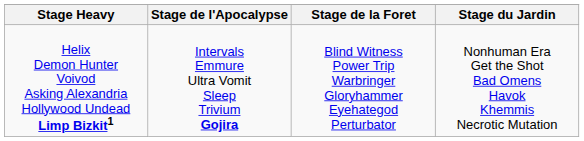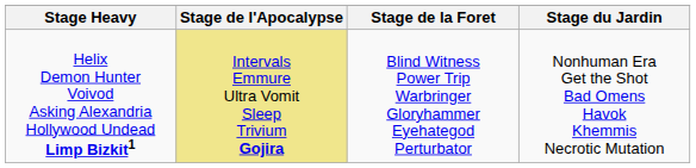 <table class="wikitable" style="text-align:center; vertical-align:top; width:710px">
 <tr>
 </tr>
 <tr>
 <th>Stage Heavy</th>
 <th>Stage de l'Apocalypse</th>
 <th>Stage de la Foret</th>
 <th>Stage du Jardin</th>
 </tr>
 <tr>
 <td style="width:175px;"><br><a href='#'>Helix</a><br> <a href='#'>Demon Hunter</a><br> <a href='#'>Voivod</a><br> <a href='#'>Asking Alexandria</a><br> <a href='#'>Hollywood Undead</a><br> <strong><a href='#'>Limp Bizkit</a><sup>1</sup></strong></td>
-<td style="width:175px;"><br><a href='#'>Intervals</a><br> <a href='#'>Emmure</a><br> Ultra Vomit<br> <a href='#'>Sleep</a><br> <a href='#'>Trivium</a><br> <strong><a href='#'>Gojira</a></strong></td>
+<td style="background: khaki; width:175px;"><br><a href='#'>Intervals</a><br> <a href='#'>Emmure</a><br> Ultra Vomit<br> <a href='#'>Sleep</a><br> <a href='#'>Trivium</a><br> <strong><a href='#'>Gojira</a></strong></td>
 <td style="width:175px;"><br><a href='#'>Blind Witness</a><br> <a href='#'>Power Trip</a><br> <a href='#'>Warbringer</a><br> <a href='#'>Gloryhammer</a><br> <a href='#'>Eyehategod</a><br> <a href='#'>Perturbator</a></td>
 <td style="width:175px;"><br>Nonhuman Era<br> Get the Shot<br> <a href='#'>Bad Omens</a><br> <a href='#'>Havok</a><br> <a href='#'>Khemmis</a><br> Necrotic Mutation</td>
 </tr>
 </table>
